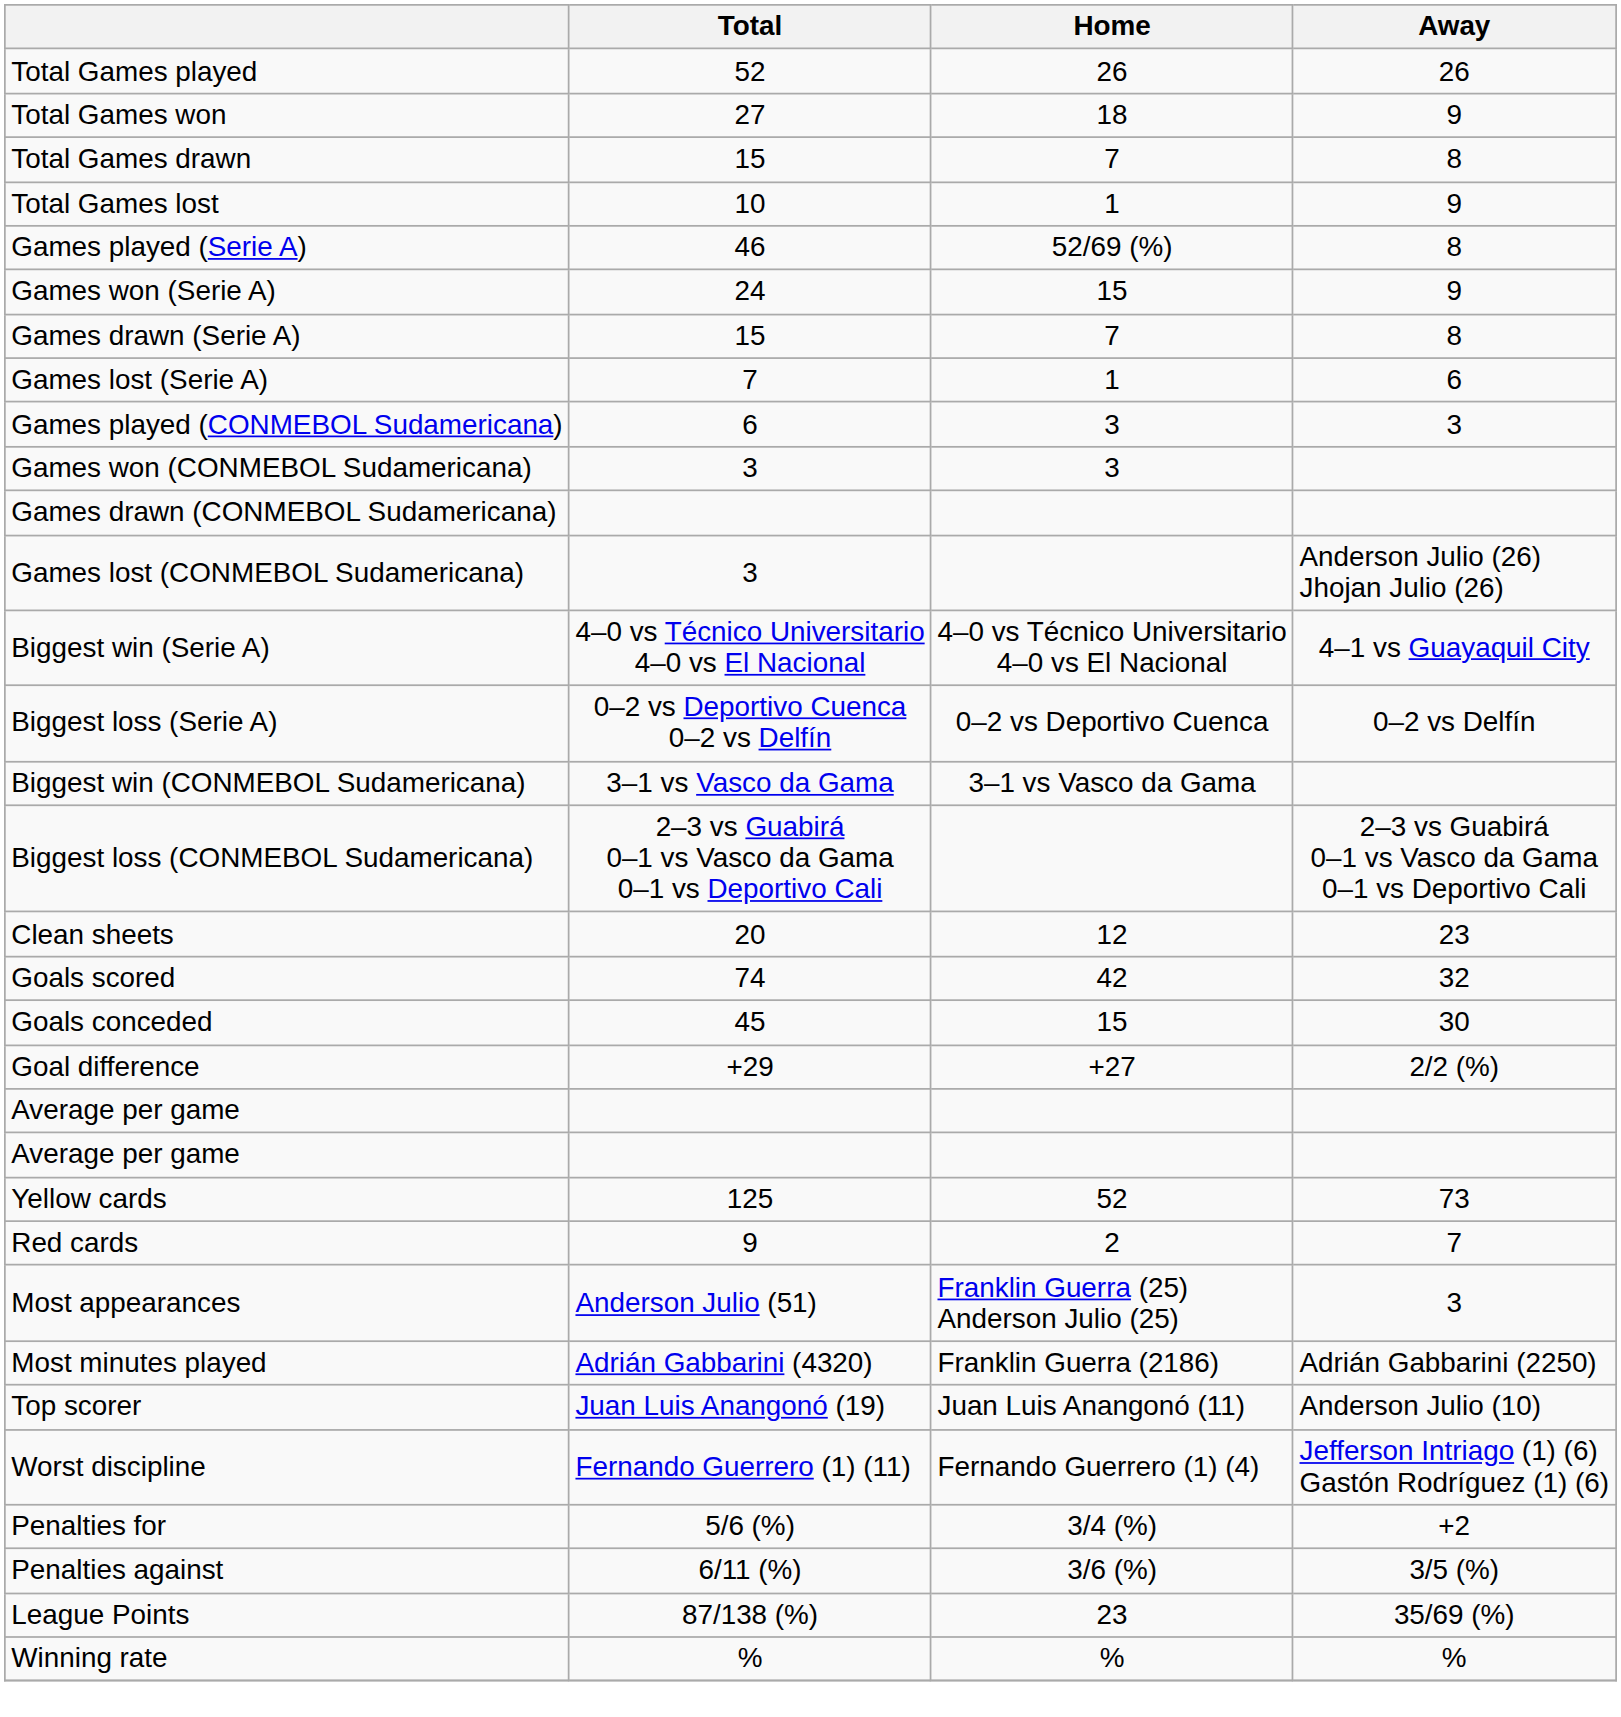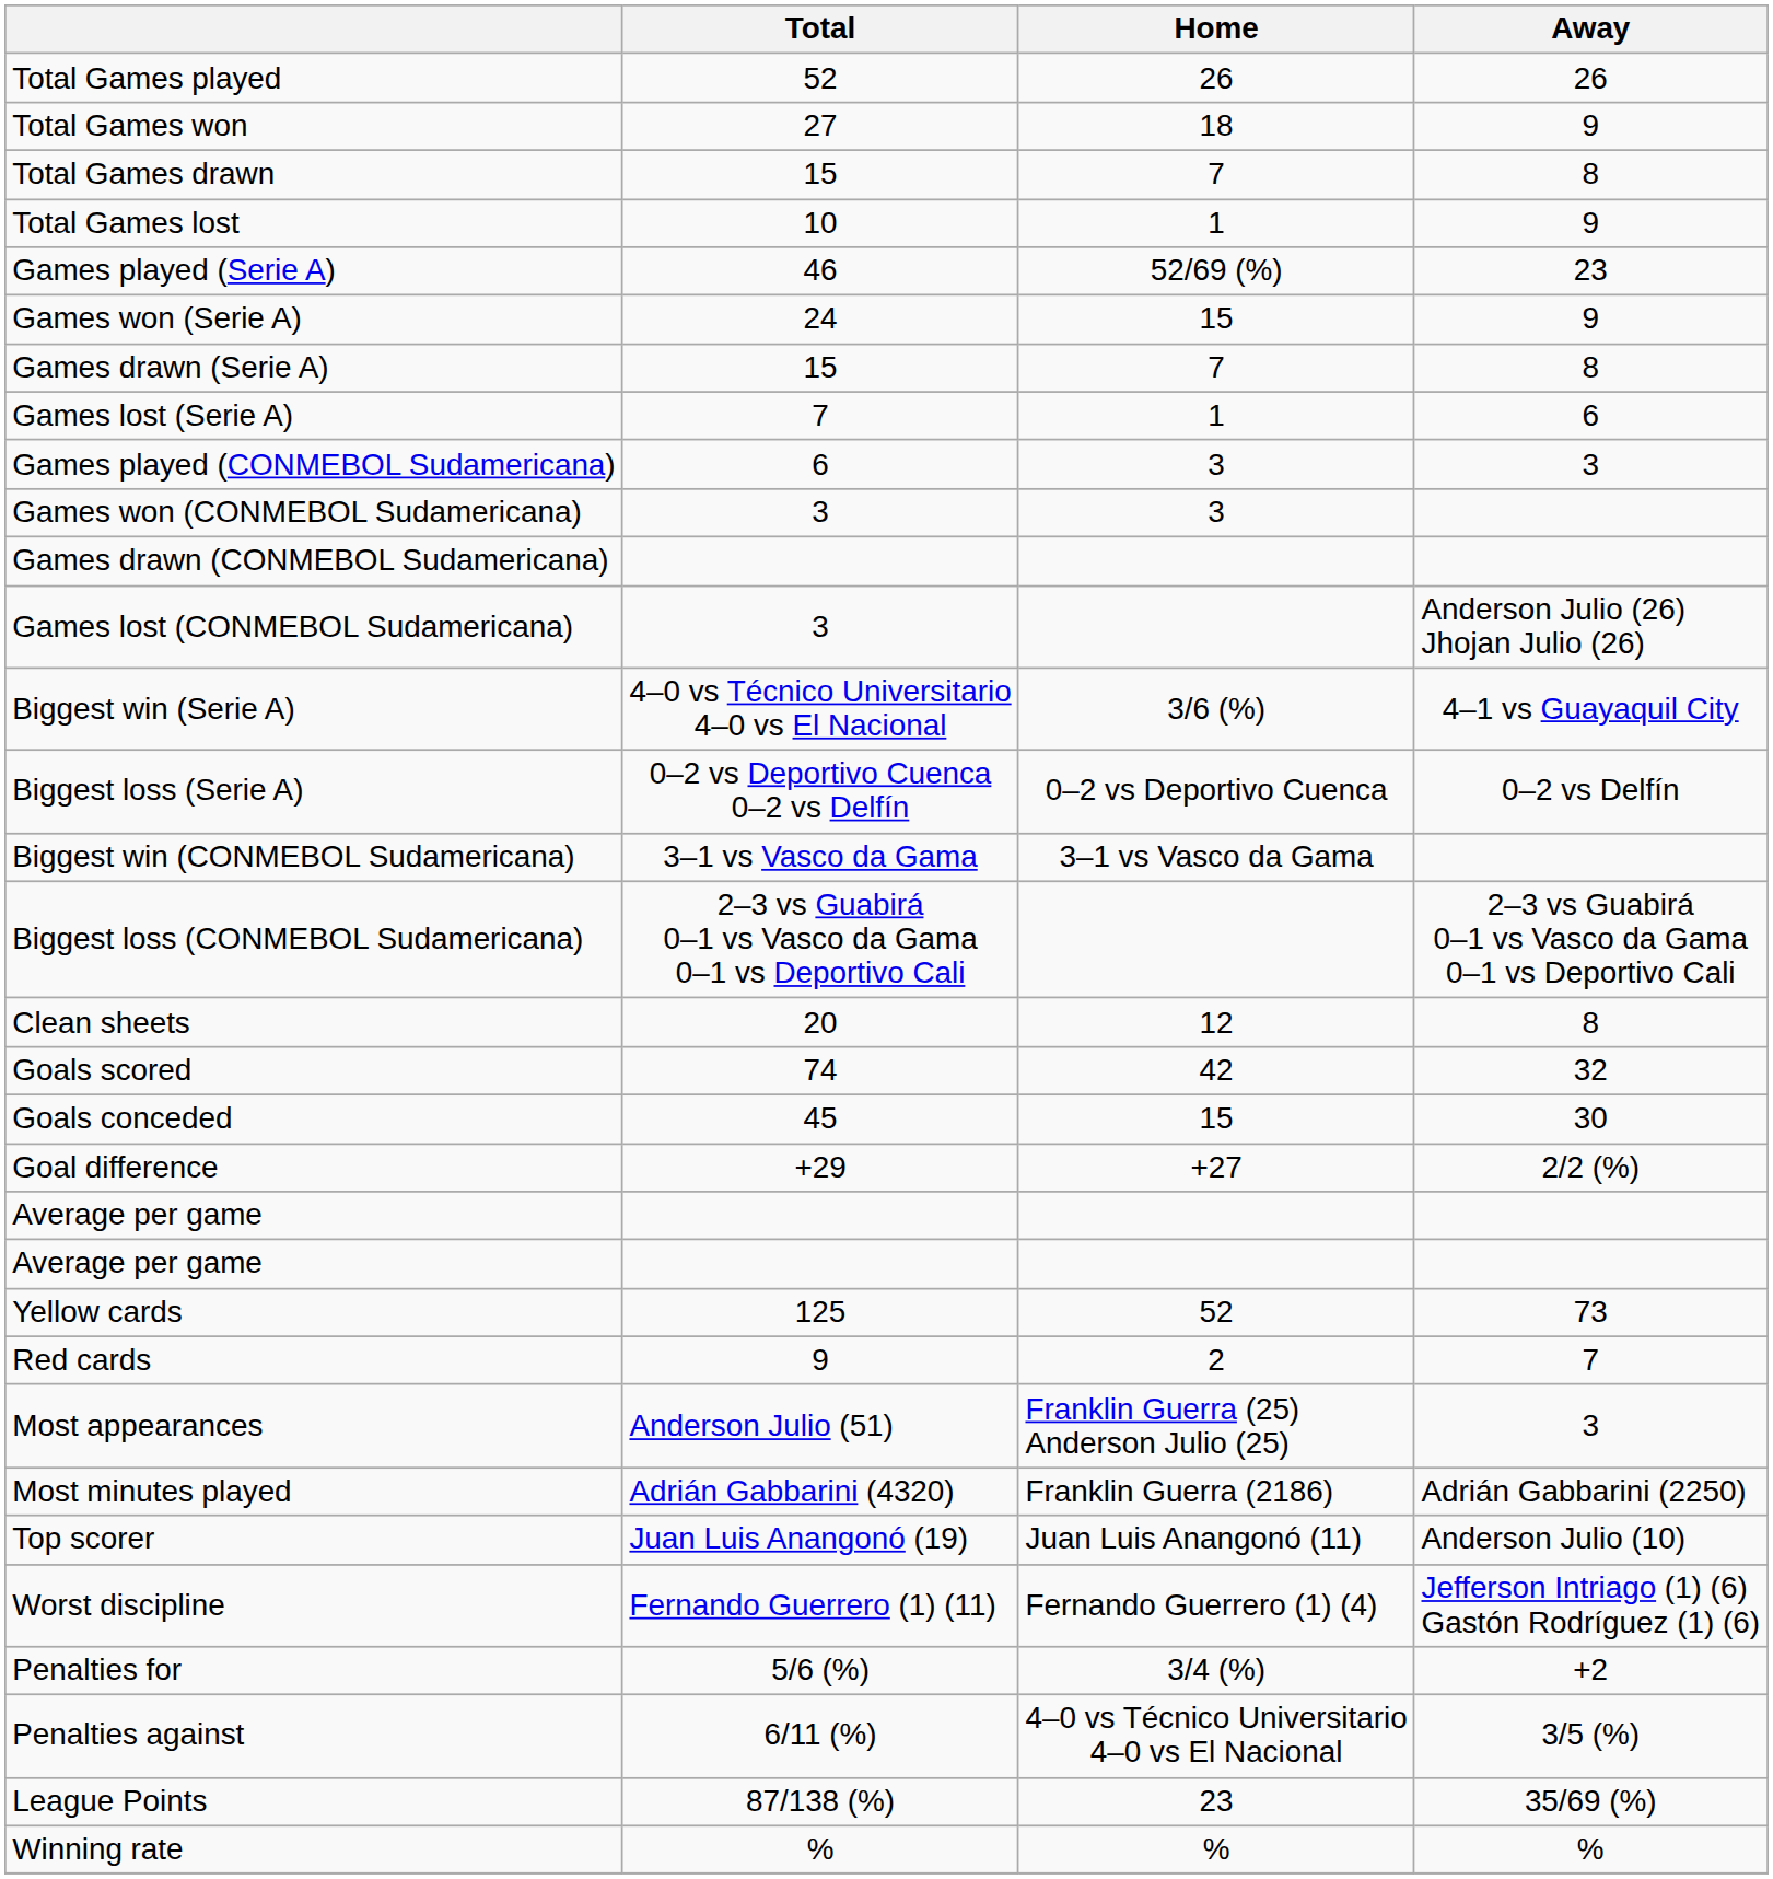 <table class="wikitable" style="text-align: center;">
 <tr>
 <th></th>
 <th>Total</th>
 <th>Home</th>
 <th>Away</th>
 </tr>
 <tr>
 <td align=left>Total Games played</td>
 <td>52</td>
 <td>26</td>
 <td>26</td>
 </tr>
 <tr>
 <td align=left>Total Games won</td>
 <td>27</td>
 <td>18</td>
 <td>9</td>
 </tr>
 <tr>
 <td align=left>Total Games drawn</td>
 <td>15</td>
 <td>7</td>
 <td>8</td>
 </tr>
 <tr>
 <td align=left>Total Games lost</td>
 <td>10</td>
 <td>1</td>
 <td>9</td>
 </tr>
 <tr>
 <td align=left>Games played (<a href='#'>Serie A</a>)</td>
 <td>46</td>
 <td>52/69 (%)</td>
-<td>8</td>
+<td>23</td>
 </tr>
 <tr>
 <td align=left>Games won (Serie A)</td>
 <td>24</td>
 <td>15</td>
 <td>9</td>
 </tr>
 <tr>
 <td align=left>Games drawn (Serie A)</td>
 <td>15</td>
 <td>7</td>
 <td>8</td>
 </tr>
 <tr>
 <td align=left>Games lost (Serie A)</td>
 <td>7</td>
 <td>1</td>
 <td>6</td>
 </tr>
 <tr>
 <td align=left>Games played (<a href='#'>CONMEBOL Sudamericana</a>)</td>
 <td>6</td>
 <td>3</td>
 <td>3</td>
 </tr>
 <tr>
 <td align=left>Games won (CONMEBOL Sudamericana)</td>
 <td>3</td>
 <td>3</td>
 <td></td>
 </tr>
 <tr>
 <td align=left>Games drawn (CONMEBOL Sudamericana)</td>
 <td></td>
 <td></td>
 <td></td>
 </tr>
 <tr>
 <td align=left>Games lost (CONMEBOL Sudamericana)</td>
 <td>3</td>
 <td></td>
 <td align=left> Anderson Julio (26)<br> Jhojan Julio (26)</td>
 </tr>
 <tr>
 <td align=left>Biggest win (Serie A)</td>
 <td>4–0 vs <a href='#'>Técnico Universitario</a><br>4–0 vs <a href='#'>El Nacional</a></td>
-<td>4–0 vs Técnico Universitario<br>4–0 vs El Nacional</td>
+<td>3/6 (%)</td>
 <td>4–1 vs <a href='#'>Guayaquil City</a></td>
 </tr>
 <tr>
 <td align=left>Biggest loss (Serie A)</td>
 <td>0–2 vs <a href='#'>Deportivo Cuenca</a><br>0–2 vs <a href='#'>Delfín</a></td>
 <td>0–2 vs Deportivo Cuenca</td>
 <td>0–2 vs Delfín</td>
 </tr>
 <tr>
 <td align=left>Biggest win (CONMEBOL Sudamericana)</td>
 <td>3–1 vs <a href='#'>Vasco da Gama</a></td>
 <td>3–1 vs Vasco da Gama</td>
 <td></td>
 </tr>
 <tr>
 <td align=left>Biggest loss (CONMEBOL Sudamericana)</td>
 <td>2–3 vs <a href='#'>Guabirá</a><br>0–1 vs Vasco da Gama<br>0–1 vs <a href='#'>Deportivo Cali</a></td>
 <td></td>
 <td>2–3 vs Guabirá<br>0–1 vs Vasco da Gama<br>0–1 vs Deportivo Cali</td>
 </tr>
 <tr>
 <td align=left>Clean sheets</td>
 <td>20</td>
 <td>12</td>
-<td>23</td>
+<td>8</td>
 </tr>
 <tr>
 <td align=left>Goals scored</td>
 <td>74</td>
 <td>42</td>
 <td>32</td>
 </tr>
 <tr>
 <td align=left>Goals conceded</td>
 <td>45</td>
 <td>15</td>
 <td>30</td>
 </tr>
 <tr>
 <td align=left>Goal difference</td>
 <td>+29</td>
 <td>+27</td>
 <td>2/2 (%)</td>
 </tr>
 <tr>
 <td align=left>Average  per game</td>
 <td></td>
 <td></td>
 <td></td>
 </tr>
 <tr>
 <td align=left>Average  per game</td>
 <td></td>
 <td></td>
 <td></td>
 </tr>
 <tr>
 <td align=left>Yellow cards</td>
 <td>125</td>
 <td>52</td>
 <td>73</td>
 </tr>
 <tr>
 <td align=left>Red cards</td>
 <td>9</td>
 <td>2</td>
 <td>7</td>
 </tr>
 <tr>
 <td align=left>Most appearances</td>
 <td align=left> <a href='#'>Anderson Julio</a> (51)</td>
 <td align=left> <a href='#'>Franklin Guerra</a> (25)<br> Anderson Julio (25)</td>
 <td>3</td>
 </tr>
 <tr>
 <td align=left>Most minutes played</td>
 <td align=left> <a href='#'>Adrián Gabbarini</a> (4320)</td>
 <td align=left> Franklin Guerra (2186)</td>
 <td align=left> Adrián Gabbarini (2250)</td>
 </tr>
 <tr>
 <td align=left>Top scorer</td>
 <td align=left> <a href='#'>Juan Luis Anangonó</a> (19)</td>
 <td align=left> Juan Luis Anangonó (11)</td>
 <td align=left> Anderson Julio (10)</td>
 </tr>
 <tr>
 <td align=left>Worst discipline</td>
 <td align=left> <a href='#'>Fernando Guerrero</a> (1)  (11) </td>
 <td align=left> Fernando Guerrero (1)  (4) </td>
 <td align=left> <a href='#'>Jefferson Intriago</a> (1)  (6) <br> Gastón Rodríguez (1)  (6) </td>
 </tr>
 <tr>
 <td align=left>Penalties for</td>
 <td>5/6 (%)</td>
 <td>3/4 (%)</td>
 <td>+2</td>
 </tr>
 <tr>
 <td align=left>Penalties against</td>
 <td>6/11 (%)</td>
-<td>3/6 (%)</td>
+<td>4–0 vs Técnico Universitario<br>4–0 vs El Nacional</td>
 <td>3/5 (%)</td>
 </tr>
 <tr>
 <td align=left>League Points</td>
 <td>87/138 (%)</td>
 <td>23</td>
 <td>35/69 (%)</td>
 </tr>
 <tr>
 <td align=left>Winning rate</td>
 <td>%</td>
 <td>%</td>
 <td>%</td>
 </tr>
 <tr>
 </tr>
 </table>
